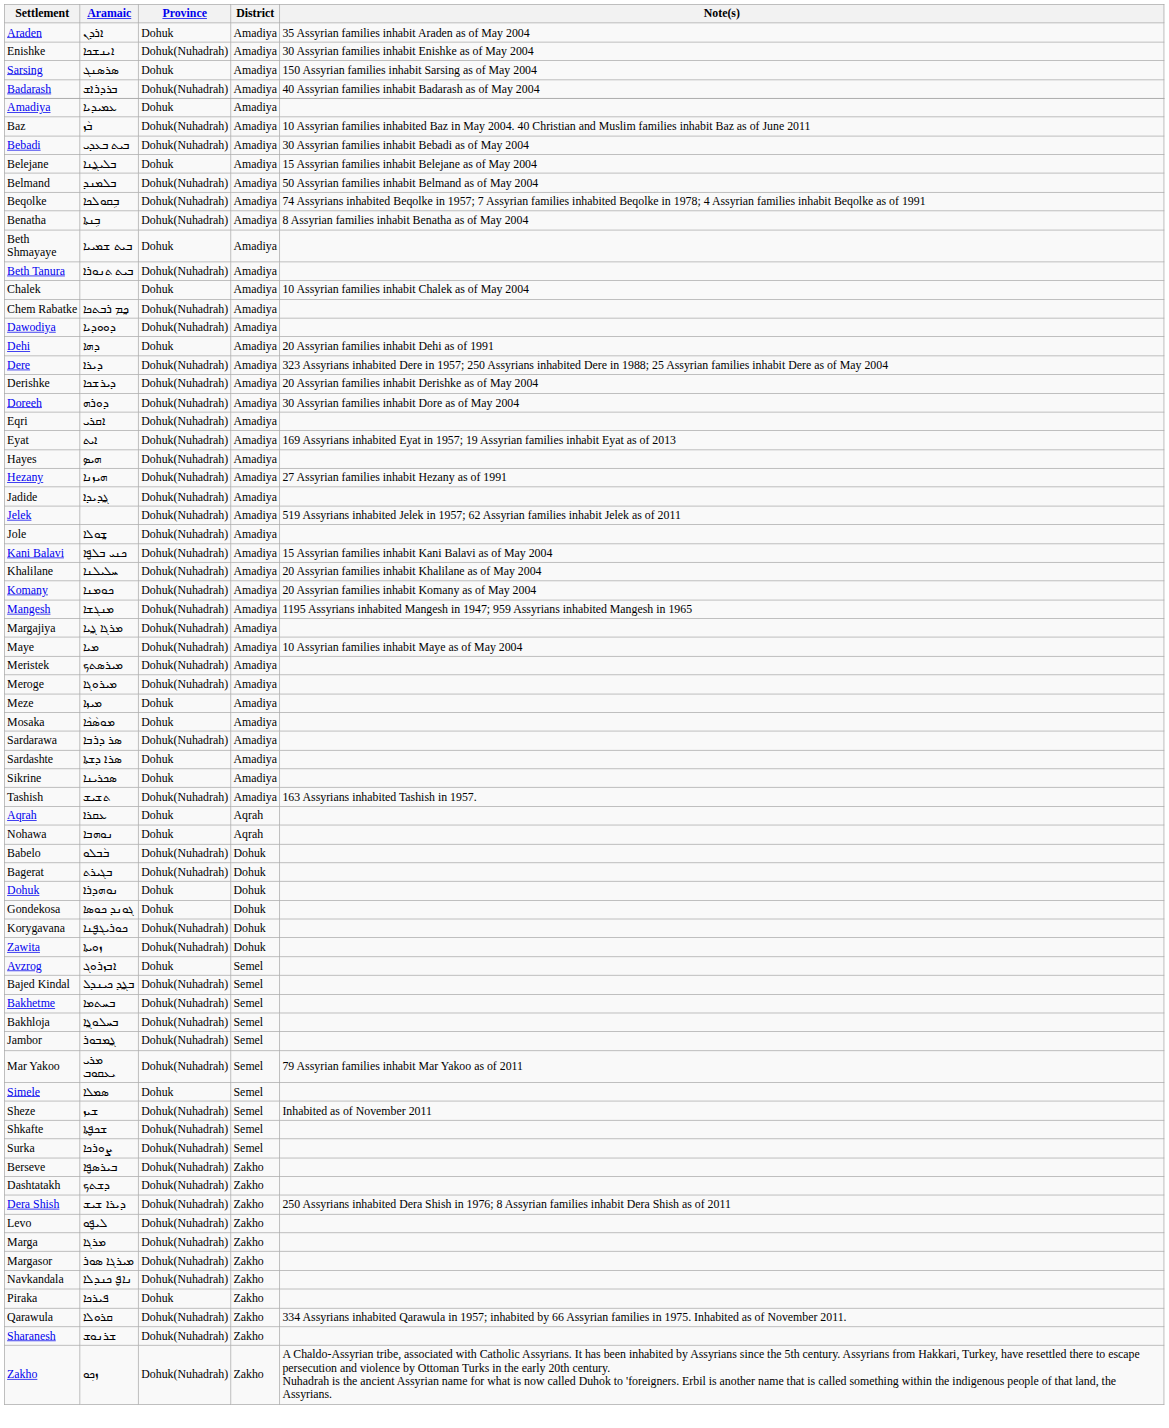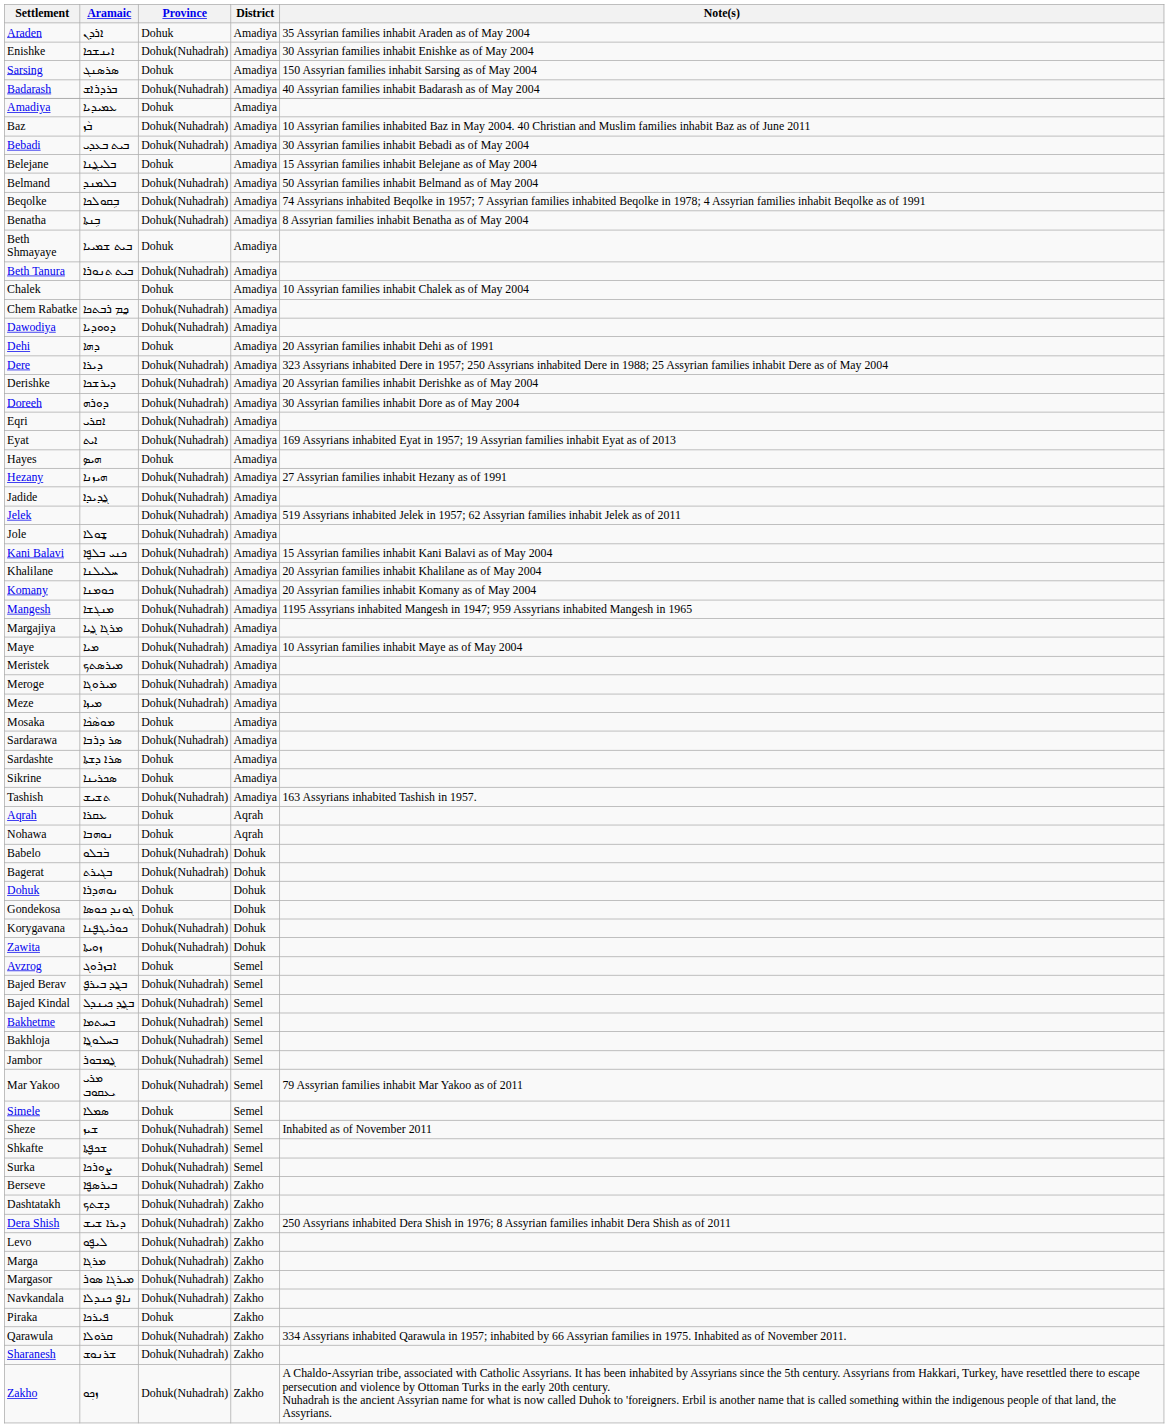 <table class="wikitable">
 <tr>
 <th>Settlement</th>
 <th><a href='#'>Aramaic</a></th>
 <th><a href='#'>Province</a></th>
 <th>District</th>
 <th>Note(s)</th>
 </tr>
 <tr>
 <td><a href='#'>Araden</a></td>
 <td>ܐܪܕܢ</td>
 <td>Dohuk</td>
 <td>Amadiya</td>
 <td>35 Assyrian families inhabit Araden as of May 2004</td>
 </tr>
 <tr>
 <td>Enishke</td>
 <td>ܐܝܢܫܟܐ</td>
 <td>Dohuk(Nuhadrah)</td>
 <td>Amadiya</td>
 <td>30 Assyrian families inhabit Enishke as of May 2004</td>
 </tr>
 <tr>
 <td><a href='#'>Sarsing</a></td>
 <td>ܣܪܣܢܓ</td>
 <td>Dohuk</td>
 <td>Amadiya</td>
 <td>150 Assyrian families inhabit Sarsing as of May 2004</td>
 </tr>
 <tr>
 <td><a href='#'>Badarash</a></td>
 <td>ܒܪܕܪܐܫ</td>
 <td>Dohuk(Nuhadrah)</td>
 <td>Amadiya</td>
 <td>40 Assyrian families inhabit Badarash as of May 2004</td>
 </tr>
 <tr>
 </tr>
 <tr>
 <td><a href='#'>Amadiya</a></td>
 <td>ܥܡܝܕܝܐ</td>
 <td>Dohuk</td>
 <td>Amadiya</td>
 <td></td>
 </tr>
 <tr>
 <td>Baz</td>
 <td>ܒܵܙ</td>
 <td>Dohuk(Nuhadrah)</td>
 <td>Amadiya</td>
 <td>10 Assyrian families inhabited Baz in May 2004. 40 Christian and Muslim families inhabit Baz as of June 2011</td>
 </tr>
 <tr>
 <td><a href='#'>Bebadi</a></td>
 <td>ܒܝܬ ܒܥܕܝ</td>
 <td>Dohuk(Nuhadrah)</td>
 <td>Amadiya</td>
 <td>30 Assyrian families inhabit Bebadi as of May 2004</td>
 </tr>
 <tr>
 <td>Belejane</td>
 <td>ܒܠܝܓ̰ܢܐ</td>
 <td>Dohuk</td>
 <td>Amadiya</td>
 <td>15 Assyrian families inhabit Belejane as of May 2004</td>
 </tr>
 <tr>
 <td>Belmand</td>
 <td>ܒܠܡܢܕ</td>
 <td>Dohuk(Nuhadrah)</td>
 <td>Amadiya</td>
 <td>50 Assyrian families inhabit Belmand as of May 2004</td>
 </tr>
 <tr>
 <td>Beqolke</td>
 <td>ܒܹܩܘܠܟܐ</td>
 <td>Dohuk(Nuhadrah)</td>
 <td>Amadiya</td>
 <td>74 Assyrians inhabited Beqolke in 1957; 7 Assyrian families inhabited Beqolke in 1978; 4 Assyrian families inhabit Beqolke as of 1991</td>
 </tr>
 <tr>
 <td>Benatha</td>
 <td>ܒܹܢܬܐ</td>
 <td>Dohuk(Nuhadrah)</td>
 <td>Amadiya</td>
 <td>8 Assyrian families inhabit Benatha as of May 2004</td>
 </tr>
 <tr>
 <td>Beth Shmayaye</td>
 <td>ܒܝܬ ܫܡܝܝܐ</td>
 <td>Dohuk</td>
 <td>Amadiya</td>
 <td></td>
 </tr>
 <tr>
 <td><a href='#'>Beth Tanura</a></td>
 <td>ܒܝܬ ܬܢܘܪܐ</td>
 <td>Dohuk(Nuhadrah)</td>
 <td>Amadiya</td>
 <td></td>
 </tr>
 <tr>
 <td>Chalek</td>
 <td></td>
 <td>Dohuk</td>
 <td>Amadiya</td>
 <td>10 Assyrian families inhabit Chalek as of May 2004</td>
 </tr>
 <tr>
 <td>Chem Rabatke</td>
 <td>ܟ̰ܡ ܪܒܬܟܐ</td>
 <td>Dohuk(Nuhadrah)</td>
 <td>Amadiya</td>
 <td></td>
 </tr>
 <tr>
 <td><a href='#'>Dawodiya</a></td>
 <td>ܕܘܘܕܝܐ</td>
 <td>Dohuk(Nuhadrah)</td>
 <td>Amadiya</td>
 <td></td>
 </tr>
 <tr>
 <td><a href='#'>Dehi</a></td>
 <td>ܕܗܐ</td>
 <td>Dohuk</td>
 <td>Amadiya</td>
 <td>20 Assyrian families inhabit Dehi as of 1991</td>
 </tr>
 <tr>
 <td><a href='#'>Dere</a></td>
 <td>ܕܝܪܐ</td>
 <td>Dohuk(Nuhadrah)</td>
 <td>Amadiya</td>
 <td>323 Assyrians inhabited Dere in 1957; 250 Assyrians inhabited Dere in 1988; 25 Assyrian families inhabit Dere as of May 2004</td>
 </tr>
 <tr>
 <td>Derishke</td>
 <td>ܕܝܪܫܟܐ</td>
 <td>Dohuk(Nuhadrah)</td>
 <td>Amadiya</td>
 <td>20 Assyrian families inhabit Derishke as of May 2004</td>
 </tr>
 <tr>
 <td><a href='#'>Doreeh</a></td>
 <td>ܕܘܪܗ</td>
 <td>Dohuk(Nuhadrah)</td>
 <td>Amadiya</td>
 <td>30 Assyrian families inhabit Dore as of May 2004</td>
 </tr>
 <tr>
 <td>Eqri</td>
 <td>ܐܩܪܝ</td>
 <td>Dohuk(Nuhadrah)</td>
 <td>Amadiya</td>
 <td></td>
 </tr>
 <tr>
 <td>Eyat</td>
 <td>ܐܝܬ</td>
 <td>Dohuk(Nuhadrah)</td>
 <td>Amadiya</td>
 <td>169 Assyrians inhabited Eyat in 1957; 19 Assyrian families inhabit Eyat as of 2013 </td>
 </tr>
 <tr>
 <td>Hayes</td>
 <td>ܗܝܤ</td>
-<td>Dohuk(Nuhadrah)</td>
+<td>Dohuk</td>
 <td>Amadiya</td>
 <td></td>
 </tr>
 <tr>
 <td><a href='#'>Hezany</a></td>
 <td>ܗܝܙܢܐ</td>
 <td>Dohuk(Nuhadrah)</td>
 <td>Amadiya</td>
 <td>27 Assyrian families inhabit Hezany as of 1991</td>
 </tr>
 <tr>
 <td>Jadide</td>
 <td>ܓ̰ܕܝܕܐ</td>
 <td>Dohuk(Nuhadrah)</td>
 <td>Amadiya</td>
 <td></td>
 </tr>
 <tr>
 <td><a href='#'>Jelek</a></td>
 <td></td>
 <td>Dohuk(Nuhadrah)</td>
 <td>Amadiya</td>
 <td>519 Assyrians inhabited Jelek in 1957; 62 Assyrian families inhabit Jelek as of 2011 </td>
 </tr>
 <tr>
 <td>Jole</td>
 <td>ܫ̰ܘܠܐ</td>
 <td>Dohuk(Nuhadrah)</td>
 <td>Amadiya</td>
 <td></td>
 </tr>
 <tr>
 <td><a href='#'>Kani Balavi</a></td>
 <td>ܟܢܝ ܒܠܦ̮ܐ</td>
 <td>Dohuk(Nuhadrah)</td>
 <td>Amadiya</td>
 <td>15 Assyrian families inhabit Kani Balavi as of May 2004</td>
 </tr>
 <tr>
 <td>Khalilane</td>
 <td>ܚܠܝܠܢܐ</td>
 <td>Dohuk(Nuhadrah)</td>
 <td>Amadiya</td>
 <td>20 Assyrian families inhabit Khalilane as of May 2004</td>
 </tr>
 <tr>
 <td><a href='#'>Komany</a></td>
 <td>ܟܘܡܢܐ</td>
 <td>Dohuk(Nuhadrah)</td>
 <td>Amadiya</td>
 <td>20 Assyrian families inhabit Komany as of May 2004</td>
 </tr>
 <tr>
 <td><a href='#'>Mangesh</a></td>
 <td>ܡܢܓܫܐ</td>
 <td>Dohuk(Nuhadrah)</td>
 <td>Amadiya</td>
 <td>1195 Assyrians inhabited Mangesh in 1947; 959 Assyrians inhabited Mangesh in 1965</td>
 </tr>
 <tr>
 <td>Margajiya</td>
 <td>ܡܪܓܐ ܓ̰ܝܐ</td>
 <td>Dohuk(Nuhadrah)</td>
 <td>Amadiya</td>
 <td></td>
 </tr>
 <tr>
 <td>Maye</td>
 <td>ܡܝܐ</td>
 <td>Dohuk(Nuhadrah)</td>
 <td>Amadiya</td>
 <td>10 Assyrian families inhabit Maye as of May 2004</td>
 </tr>
 <tr>
 <td>Meristek</td>
 <td>ܡܝܪܣܬܟ</td>
 <td>Dohuk(Nuhadrah)</td>
 <td>Amadiya</td>
 <td></td>
 </tr>
 <tr>
 <td>Meroge</td>
 <td>ܡܝܪܘܓܐ</td>
 <td>Dohuk(Nuhadrah)</td>
 <td>Amadiya</td>
 <td></td>
 </tr>
 <tr>
 <td>Meze</td>
 <td>ܡܝܙܐ</td>
-<td>Dohuk</td>
+<td>Dohuk(Nuhadrah)</td>
 <td>Amadiya</td>
 <td></td>
 </tr>
 <tr>
 <td>Mosaka</td>
 <td>ܡܘܣܵܟܵܐ</td>
 <td>Dohuk</td>
 <td>Amadiya</td>
 <td></td>
 </tr>
 <tr>
 <td>Sardarawa</td>
 <td>ܣܪ ܕܪܒܐ</td>
 <td>Dohuk(Nuhadrah)</td>
 <td>Amadiya</td>
 <td></td>
 </tr>
 <tr>
 <td>Sardashte</td>
 <td>ܣܪܐ ܕܫܬܐ</td>
 <td>Dohuk</td>
 <td>Amadiya</td>
 <td></td>
 </tr>
 <tr>
 <td>Sikrine</td>
 <td>ܣܟܪܝܢܐ</td>
 <td>Dohuk</td>
 <td>Amadiya</td>
 <td></td>
 </tr>
 <tr>
 <td>Tashish</td>
 <td>ܬܫܝܫ</td>
 <td>Dohuk(Nuhadrah)</td>
 <td>Amadiya</td>
 <td>163 Assyrians inhabited Tashish in 1957.</td>
 </tr>
 <tr>
 <td><a href='#'>Aqrah</a></td>
 <td>ܥܩܪܐ</td>
 <td>Dohuk</td>
 <td>Aqrah</td>
 <td></td>
 </tr>
 <tr>
 <td>Nohawa</td>
 <td>ܢܘܗܒܐ</td>
 <td>Dohuk</td>
 <td>Aqrah</td>
 <td></td>
 </tr>
 <tr>
 <td>Babelo</td>
 <td>ܒܵܒܠܘ</td>
 <td>Dohuk(Nuhadrah)</td>
 <td>Dohuk</td>
 <td></td>
 </tr>
 <tr>
 <td>Bagerat</td>
 <td>ܒܓܝܪܬ</td>
 <td>Dohuk(Nuhadrah)</td>
 <td>Dohuk</td>
 <td></td>
 </tr>
 <tr>
 <td><a href='#'>Dohuk</a></td>
 <td>ܢܘܗܕܪܐ</td>
 <td>Dohuk</td>
 <td>Dohuk</td>
 <td></td>
 </tr>
 <tr>
 <td>Gondekosa</td>
 <td>ܓܘܢܕ ܟܘܣܐ</td>
 <td>Dohuk</td>
 <td>Dohuk</td>
 <td></td>
 </tr>
 <tr>
 <td>Korygavana</td>
 <td>ܟܘܪܝܓܦ̮ܢܐ</td>
 <td>Dohuk(Nuhadrah)</td>
 <td>Dohuk</td>
 <td></td>
 </tr>
 <tr>
 <td><a href='#'>Zawita</a></td>
 <td>ܙܘܝܬܐ</td>
 <td>Dohuk(Nuhadrah)</td>
 <td>Dohuk</td>
 <td></td>
 </tr>
 <tr>
 <td><a href='#'>Avzrog</a></td>
 <td>ܐܒܙܪܘܓ</td>
 <td>Dohuk</td>
+<td>Semel</td>
+<td></td>
+</tr>
+<tr>
+<td>Bajed Berav</td>
+<td>ܒܓ̰ܕ ܒܝܪܦ̮</td>
+<td>Dohuk(Nuhadrah)</td>
 <td>Semel</td>
 <td></td>
 </tr>
 <tr>
 <td>Bajed Kindal</td>
 <td>ܒܓ̰ܕ ܟܝܢܕܠ</td>
 <td>Dohuk(Nuhadrah)</td>
 <td>Semel</td>
 <td></td>
 </tr>
 <tr>
 <td><a href='#'>Bakhetme</a></td>
 <td>ܒܚܬܡܐ</td>
 <td>Dohuk(Nuhadrah)</td>
 <td>Semel</td>
 <td></td>
 </tr>
 <tr>
 <td>Bakhloja</td>
 <td>ܒܚܠܘܓ̰ܐ</td>
 <td>Dohuk(Nuhadrah)</td>
 <td>Semel</td>
 <td></td>
 </tr>
 <tr>
 <td>Jambor</td>
 <td>ܓ̰ܡܒܘܪ</td>
 <td>Dohuk(Nuhadrah)</td>
 <td>Semel</td>
 <td></td>
 </tr>
 <tr>
 <td>Mar Yakoo</td>
 <td>ܡܪܝ ܝܥܩܘܒ</td>
 <td>Dohuk(Nuhadrah)</td>
 <td>Semel</td>
 <td>79 Assyrian families inhabit Mar Yakoo as of 2011</td>
 </tr>
 <tr>
 <td><a href='#'>Simele</a></td>
 <td>ܣܡܠܐ</td>
 <td>Dohuk</td>
 <td>Semel</td>
 <td></td>
 </tr>
 <tr>
 <td>Sheze</td>
 <td>ܫܝܙ</td>
 <td>Dohuk(Nuhadrah)</td>
 <td>Semel</td>
 <td>Inhabited as of November 2011</td>
 </tr>
 <tr>
 <td>Shkafte</td>
 <td>ܫܟܦ̮ܬܐ</td>
 <td>Dohuk(Nuhadrah)</td>
 <td>Semel</td>
 <td></td>
 </tr>
 <tr>
 <td>Surka</td>
 <td>ܨܘܪܟܐ</td>
 <td>Dohuk(Nuhadrah)</td>
 <td>Semel</td>
 <td></td>
 </tr>
 <tr>
 <td>Berseve</td>
 <td>ܒܝܪܣܦ̮ܐ</td>
 <td>Dohuk(Nuhadrah)</td>
 <td>Zakho</td>
 <td></td>
 </tr>
 <tr>
 <td>Dashtatakh</td>
 <td>ܕܫܬܟ</td>
 <td>Dohuk(Nuhadrah)</td>
 <td>Zakho</td>
 <td></td>
 </tr>
 <tr>
 <td><a href='#'>Dera Shish</a></td>
 <td>ܕܝܪܐ ܫܝܫ</td>
 <td>Dohuk(Nuhadrah)</td>
 <td>Zakho</td>
 <td>250 Assyrians inhabited Dera Shish in 1976; 8 Assyrian families inhabit Dera Shish as of 2011</td>
 </tr>
 <tr>
 <td>Levo</td>
 <td>ܠܝܦ̮ܘ</td>
 <td>Dohuk(Nuhadrah)</td>
 <td>Zakho</td>
 <td></td>
 </tr>
 <tr>
 <td>Marga</td>
 <td>ܡܪܓܐ</td>
 <td>Dohuk(Nuhadrah)</td>
 <td>Zakho</td>
 <td></td>
 </tr>
 <tr>
 <td>Margasor</td>
 <td>ܡܝܪܓܐ ܣܘܪ</td>
 <td>Dohuk(Nuhadrah)</td>
 <td>Zakho</td>
 <td></td>
 </tr>
 <tr>
 <td>Navkandala</td>
 <td>ܢܐܦ̮ ܟܢܕܠܐ</td>
 <td>Dohuk(Nuhadrah)</td>
 <td>Zakho</td>
 <td></td>
 </tr>
 <tr>
 <td>Piraka</td>
 <td>ܦܝܪܟܐ</td>
 <td>Dohuk</td>
 <td>Zakho</td>
 <td></td>
 </tr>
 <tr>
 <td>Qarawula</td>
 <td>ܩܪܘܠܐ</td>
 <td>Dohuk(Nuhadrah)</td>
 <td>Zakho</td>
 <td>334 Assyrians inhabited Qarawula in 1957; inhabited by 66 Assyrian families in 1975. Inhabited as of November 2011.</td>
 </tr>
 <tr>
 <td><a href='#'>Sharanesh</a></td>
 <td>ܫܪܢܘܫ</td>
 <td>Dohuk(Nuhadrah)</td>
 <td>Zakho</td>
 <td></td>
 </tr>
 <tr>
 <td><a href='#'>Zakho</a></td>
 <td>ܙܟܼܘ</td>
 <td>Dohuk(Nuhadrah)</td>
 <td>Zakho</td>
 <td>A Chaldo-Assyrian tribe, associated with Catholic Assyrians. It has been inhabited by Assyrians since the 5th century. Assyrians from Hakkari, Turkey, have resettled there to escape persecution and violence by Ottoman Turks in the early 20th century.<br>Nuhadrah is the ancient Assyrian name for what is now called Duhok to 'foreigners. Erbil is another name that is called something within the indigenous people of that land, the Assyrians.   </td>
 </tr>
 </table>
